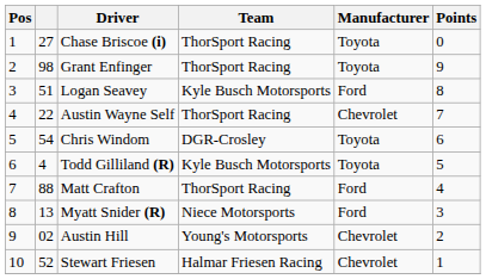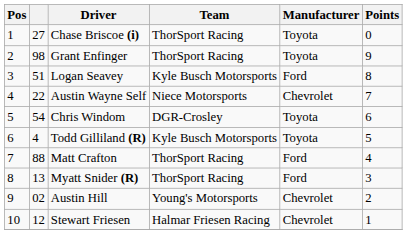 <table class="wikitable" style="font-size:98%">
 <tr>
 <th>Pos</th>
 <th></th>
 <th>Driver</th>
 <th>Team</th>
 <th>Manufacturer</th>
 <th>Points</th>
 </tr>
 <tr>
 <td>1</td>
 <td>27</td>
 <td>Chase Briscoe <strong>(i)</strong></td>
 <td>ThorSport Racing</td>
 <td>Toyota</td>
 <td>0</td>
 </tr>
 <tr>
 <td>2</td>
 <td>98</td>
 <td>Grant Enfinger</td>
 <td>ThorSport Racing</td>
 <td>Toyota</td>
 <td>9</td>
 </tr>
 <tr>
 <td>3</td>
 <td>51</td>
 <td>Logan Seavey</td>
 <td>Kyle Busch Motorsports</td>
 <td>Ford</td>
 <td>8</td>
 </tr>
 <tr>
 <td>4</td>
 <td>22</td>
 <td>Austin Wayne Self</td>
-<td>ThorSport Racing</td>
+<td>Niece Motorsports</td>
 <td>Chevrolet</td>
 <td>7</td>
 </tr>
 <tr>
 <td>5</td>
 <td>54</td>
 <td>Chris Windom</td>
 <td>DGR-Crosley</td>
 <td>Toyota</td>
 <td>6</td>
 </tr>
 <tr>
 <td>6</td>
 <td>4</td>
 <td>Todd Gilliland <strong>(R)</strong></td>
 <td>Kyle Busch Motorsports</td>
 <td>Toyota</td>
 <td>5</td>
 </tr>
 <tr>
 <td>7</td>
 <td>88</td>
 <td>Matt Crafton</td>
 <td>ThorSport Racing</td>
 <td>Ford</td>
 <td>4</td>
 </tr>
 <tr>
 <td>8</td>
 <td>13</td>
 <td>Myatt Snider <strong>(R)</strong></td>
-<td>Niece Motorsports</td>
+<td>ThorSport Racing</td>
 <td>Ford</td>
 <td>3</td>
 </tr>
 <tr>
 <td>9</td>
 <td>02</td>
 <td>Austin Hill</td>
 <td>Young's Motorsports</td>
 <td>Chevrolet</td>
 <td>2</td>
 </tr>
 <tr>
 <td>10</td>
-<td>52</td>
+<td>12</td>
 <td>Stewart Friesen</td>
 <td>Halmar Friesen Racing</td>
 <td>Chevrolet</td>
 <td>1</td>
 </tr>
 <tr>
 </tr>
 </table>
